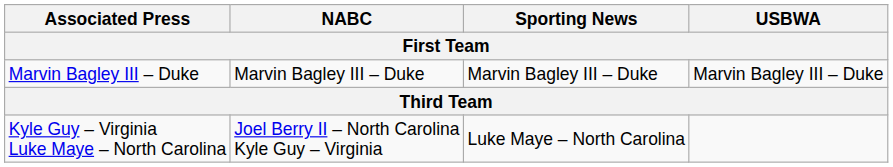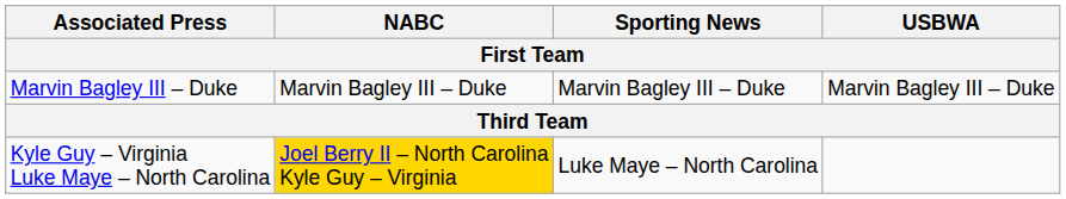 <table class="wikitable" style="font-size: 95%">
 <tr>
 <th>Associated Press</th>
 <th>NABC</th>
 <th>Sporting News</th>
 <th>USBWA</th>
 </tr>
 <tr>
 <th colspan=4>First Team</th>
 </tr>
 <tr>
 <td><a href='#'>Marvin Bagley III</a> – Duke</td>
 <td>Marvin Bagley III – Duke</td>
 <td>Marvin Bagley III – Duke</td>
 <td>Marvin Bagley III – Duke</td>
 </tr>
 <tr>
 <th colspan=4>Third Team</th>
 </tr>
 <tr>
 <td><a href='#'>Kyle Guy</a> – Virginia <br> <a href='#'>Luke Maye</a> – North Carolina</td>
-<td><a href='#'>Joel Berry II</a> – North Carolina <br> Kyle Guy – Virginia</td>
+<td style="background: gold;"><a href='#'>Joel Berry II</a> – North Carolina <br> Kyle Guy – Virginia</td>
 <td>Luke Maye – North Carolina</td>
 <td></td>
 </tr>
 </table>
